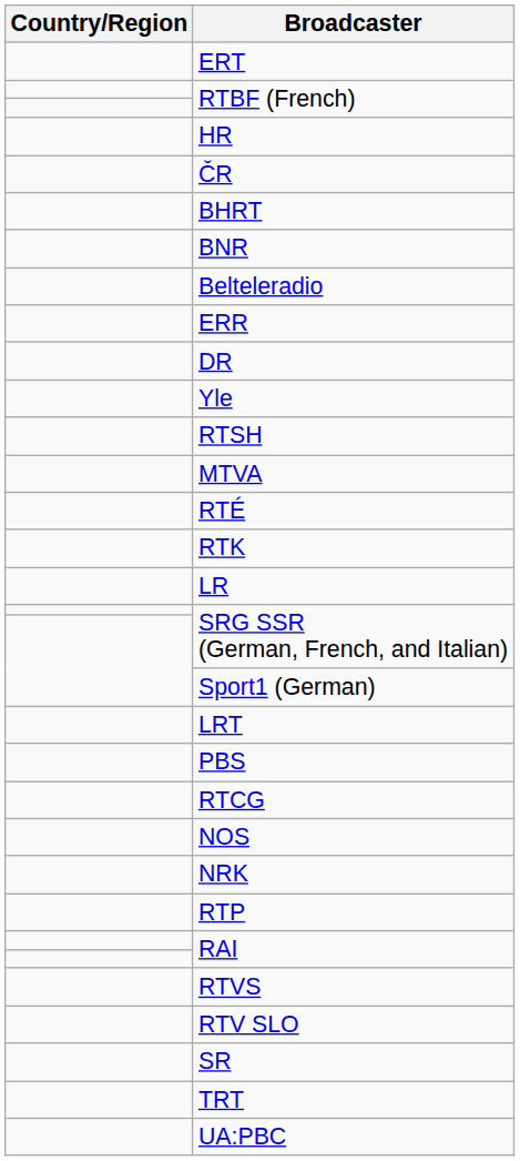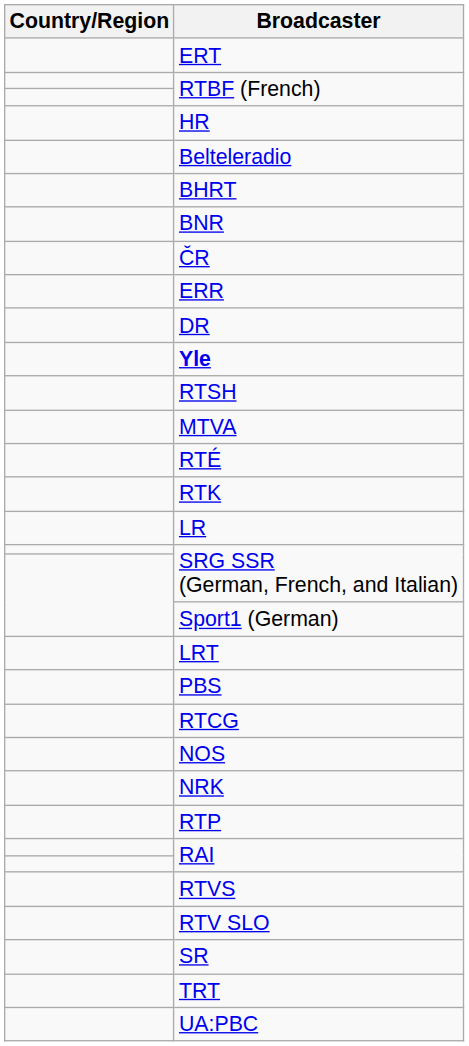 <table class="wikitable">
 <tr>
 <th>Country/Region</th>
 <th>Broadcaster</th>
 </tr>
 <tr>
 <td></td>
 <td><a href='#'>ERT</a></td>
 </tr>
 <tr>
 <td></td>
 <td rowspan="2"><a href='#'>RTBF</a> (French)</td>
 </tr>
 <tr>
 <td></td>
 </tr>
 <tr>
 <td></td>
 <td><a href='#'>HR</a></td>
 </tr>
 <tr>
 <td></td>
-<td><a href='#'>ČR</a></td>
+<td><a href='#'>Belteleradio</a></td>
 </tr>
 <tr>
 <td></td>
 <td><a href='#'>BHRT</a></td>
 </tr>
 <tr>
 <td></td>
 <td><a href='#'>BNR</a></td>
 </tr>
 <tr>
 <td></td>
-<td><a href='#'>Belteleradio</a></td>
+<td><a href='#'>ČR</a></td>
 </tr>
 <tr>
 <td></td>
 <td><a href='#'>ERR</a></td>
 </tr>
 <tr>
 <td></td>
 <td><a href='#'>DR</a></td>
 </tr>
 <tr>
 <td></td>
-<td><a href='#'>Yle</a></td>
+<td><strong><a href='#'>Yle</a></strong></td>
 </tr>
 <tr>
 <td></td>
 <td><a href='#'>RTSH</a></td>
 </tr>
 <tr>
 <td></td>
 <td><a href='#'>MTVA</a></td>
 </tr>
 <tr>
 <td></td>
 <td><a href='#'>RTÉ</a></td>
 </tr>
 <tr>
 <td></td>
 <td><a href='#'>RTK</a></td>
 </tr>
 <tr>
 <td></td>
 <td><a href='#'>LR</a></td>
 </tr>
 <tr>
 <td></td>
 <td rowspan="2"><a href='#'>SRG SSR</a><br>(German, French, and Italian)</td>
 </tr>
 <tr>
 <td rowspan="2"></td>
 </tr>
 <tr>
 <td><a href='#'>Sport1</a> (German)</td>
 </tr>
 <tr>
 <td></td>
 <td><a href='#'>LRT</a></td>
 </tr>
 <tr>
 <td></td>
 <td><a href='#'>PBS</a></td>
 </tr>
 <tr>
 <td></td>
 <td><a href='#'>RTCG</a></td>
 </tr>
 <tr>
 <td></td>
 <td><a href='#'>NOS</a></td>
 </tr>
 <tr>
 <td></td>
 <td><a href='#'>NRK</a></td>
 </tr>
 <tr>
 <td></td>
 <td><a href='#'>RTP</a></td>
 </tr>
 <tr>
 <td></td>
 <td rowspan="2"><a href='#'>RAI</a></td>
 </tr>
 <tr>
 <td></td>
 </tr>
 <tr>
 <td></td>
 <td><a href='#'>RTVS</a></td>
 </tr>
 <tr>
 <td></td>
 <td><a href='#'>RTV SLO</a></td>
 </tr>
 <tr>
 <td></td>
 <td><a href='#'>SR</a></td>
 </tr>
 <tr>
 <td></td>
 <td><a href='#'>TRT</a></td>
 </tr>
 <tr>
 <td></td>
 <td><a href='#'>UA:PBC</a></td>
 </tr>
 </table>
